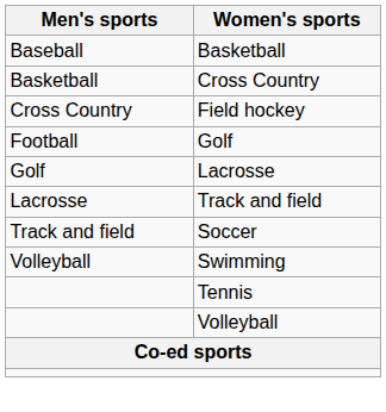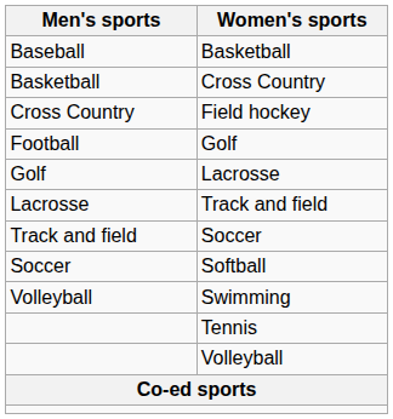 <table class="wikitable"; style="float:right; clear:right; margin-left:15px">
 <tr>
 <th width=150px>Men's sports</th>
 <th width=150px>Women's sports</th>
 </tr>
 <tr>
 <td>Baseball</td>
 <td>Basketball</td>
 </tr>
 <tr>
 <td>Basketball</td>
 <td>Cross Country</td>
 </tr>
 <tr>
 <td>Cross Country</td>
 <td>Field hockey</td>
 </tr>
 <tr>
 <td>Football</td>
 <td>Golf</td>
 </tr>
 <tr>
 <td>Golf</td>
 <td>Lacrosse</td>
 </tr>
 <tr>
 <td>Lacrosse</td>
 <td>Track and field</td>
 </tr>
 <tr>
 <td>Track and field</td>
 <td>Soccer</td>
 </tr>
 <tr>
+<td>Soccer</td>
+<td>Softball</td>
+</tr>
+<tr>
 <td>Volleyball</td>
 <td>Swimming</td>
 </tr>
 <tr>
 <td></td>
 <td>Tennis</td>
 </tr>
 <tr>
 <td></td>
 <td>Volleyball</td>
 </tr>
 <tr>
 <th colspan=2>Co-ed sports</th>
 </tr>
 <tr>
 <td colspan=2></td>
 </tr>
 </table>
